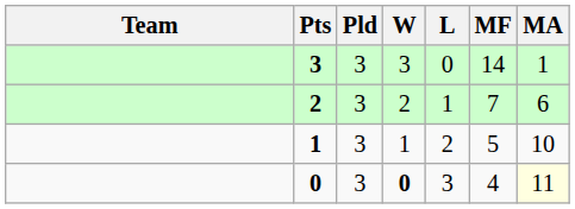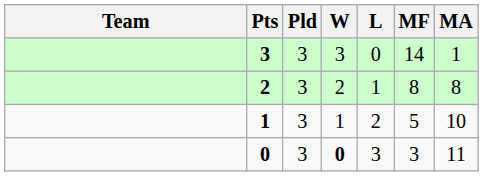 <table class=wikitable style="text-align:center; font-size:95%">
 <tr>
 <th width=175>Team</th>
 <th width=20>Pts</th>
 <th width=20>Pld</th>
 <th width=20>W</th>
 <th width=20>L</th>
 <th width=20>MF</th>
 <th width=20>MA</th>
 </tr>
 <tr bgcolor=ccffcc>
 <td style="text-align:left"></td>
 <td><strong>3</strong></td>
 <td>3</td>
 <td>3</td>
 <td>0</td>
 <td>14</td>
 <td>1</td>
 </tr>
 <tr bgcolor=ccffcc>
 <td style="text-align:left"></td>
 <td><strong>2</strong></td>
 <td>3</td>
 <td>2</td>
 <td>1</td>
-<td>7</td>
-<td>6</td>
+<td>8</td>
+<td>8</td>
 </tr>
 <tr>
 <td style="text-align:left"></td>
 <td><strong>1</strong></td>
 <td>3</td>
 <td>1</td>
 <td>2</td>
 <td>5</td>
 <td>10</td>
 </tr>
 <tr>
 <td style="text-align:left"></td>
 <td><strong>0</strong></td>
 <td>3</td>
 <td><strong>0</strong></td>
 <td>3</td>
-<td>4</td>
-<td style="background: lightyellow;">11</td>
+<td>3</td>
+<td>11</td>
 </tr>
 </table>
